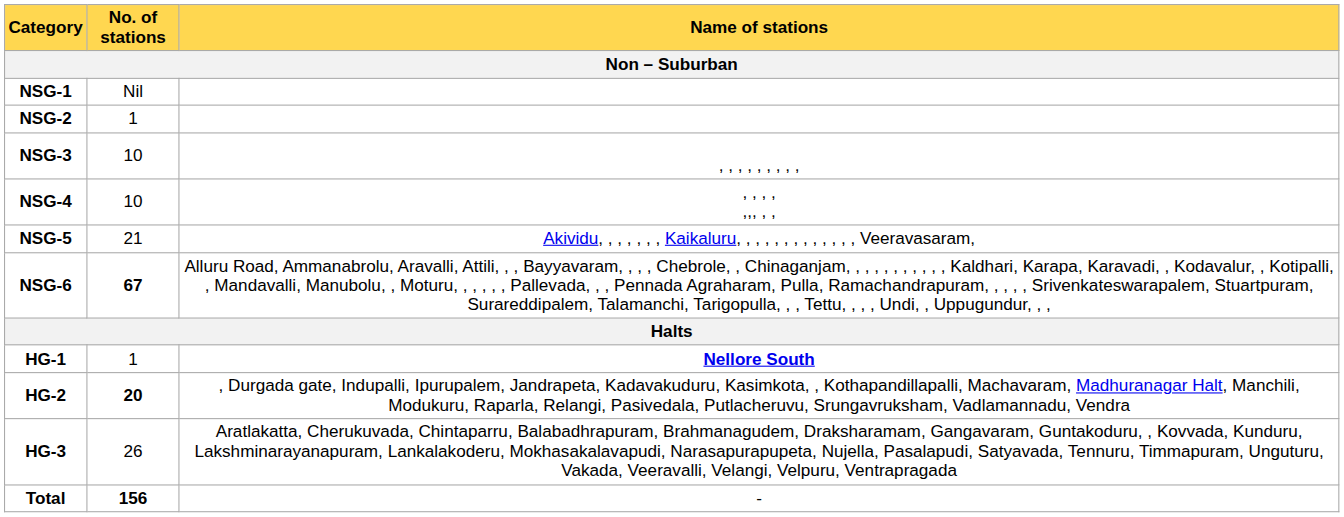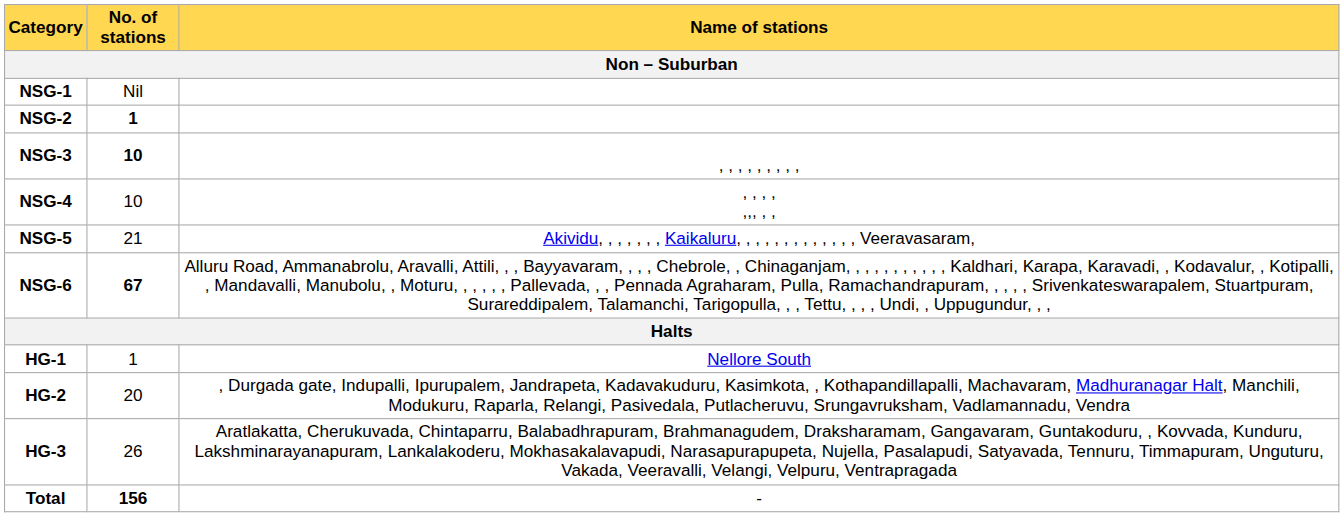 <table class="wikitable sortable" style="background:#fff;">
 <tr>
 <th style="background:#ffd750;" !>Category</th>
 <th style="background:#ffd750;" !>No. of stations</th>
 <th style="background:#ffd750;" !>Name of stations</th>
 </tr>
 <tr>
 <th colspan="3"><strong>Non – Suburban</strong></th>
 </tr>
 <tr>
 <td style="text-align:center;"><strong>NSG-1</strong></td>
 <td style="text-align:center;">Nil</td>
 <td style="text-align:center;"></td>
 </tr>
 <tr>
 <td style="text-align:center;"><strong>NSG-2</strong></td>
-<td style="text-align:center;">1</td>
+<td style="text-align:center;"><strong>1</strong></td>
 <td style="text-align:center;"></td>
 </tr>
 <tr>
 <td style="text-align:center;"><strong>NSG-3</strong></td>
-<td style="text-align:center;">10</td>
+<td style="text-align:center;"><strong>10</strong></td>
 <td style="text-align:center;"><br>, , , , , , , , ,  </td>
 </tr>
 <tr>
 <td style="text-align:center;"><strong>NSG-4</strong></td>
 <td style="text-align:center;">10</td>
 <td style="text-align:center;">, , , ,<br>,,, , , </td>
 </tr>
 <tr>
 <td style="text-align:center;"><strong>NSG-5</strong></td>
 <td style="text-align:center;">21</td>
 <td style="text-align:center;"><a href='#'>Akividu</a>, , , , , , , <a href='#'>Kaikaluru</a>, , , , , , , , , , , , , Veeravasaram,</td>
 </tr>
 <tr>
 <td style="text-align:center;"><strong>NSG-6</strong></td>
 <td style="text-align:center;"><strong>67</strong></td>
 <td style="text-align:center;">Alluru Road, Ammanabrolu, Aravalli, Attili, , , Bayyavaram, , , , Chebrole, , Chinaganjam, , , , , , , , , , , Kaldhari, Karapa, Karavadi, , Kodavalur, , Kotipalli, , Mandavalli, Manubolu, , Moturu, , , , , , Pallevada, , , Pennada Agraharam, Pulla, Ramachandrapuram, , , , , Srivenkateswarapalem, Stuartpuram, Surareddipalem, Talamanchi, Tarigopulla, , , Tettu, , , , Undi, , Uppugundur, ,  , </td>
 </tr>
 <tr>
 <th colspan="3"><strong>Halts</strong></th>
 </tr>
 <tr>
 <td style="text-align:center;"><strong>HG-1</strong></td>
 <td style="text-align:center;">1</td>
-<td style="text-align:center;"><strong><a href='#'>Nellore South</a></strong></td>
+<td style="text-align:center;"><a href='#'>Nellore South</a></td>
 </tr>
 <tr>
 <td style="text-align:center;"><strong>HG-2</strong></td>
-<td style="text-align:center;"><strong>20</strong></td>
+<td style="text-align:center;">20</td>
 <td style="text-align:center;">, Durgada gate, Indupalli, Ipurupalem, Jandrapeta, Kadavakuduru, Kasimkota, , Kothapandillapalli, Machavaram, <a href='#'>Madhuranagar Halt</a>, Manchili, Modukuru, Raparla, Relangi, Pasivedala, Putlacheruvu, Srungavruksham, Vadlamannadu, Vendra</td>
 </tr>
 <tr>
 <td style="text-align:center;"><strong>HG-3</strong></td>
 <td style="text-align:center;">26</td>
 <td style="text-align:center;">Aratlakatta, Cherukuvada, Chintaparru, Balabadhrapuram, Brahmanagudem, Draksharamam, Gangavaram, Guntakoduru, , Kovvada, Kunduru, Lakshminarayanapuram, Lankalakoderu, Mokhasakalavapudi, Narasapurapupeta, Nujella, Pasalapudi, Satyavada, Tennuru, Timmapuram, Unguturu, Vakada, Veeravalli, Velangi, Velpuru, Ventrapragada</td>
 </tr>
 <tr style="text-align:center;">
 <td><strong>Total</strong></td>
 <td><strong>156</strong></td>
 <td>-</td>
 </tr>
 </table>
